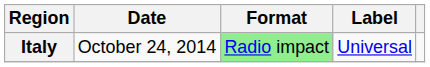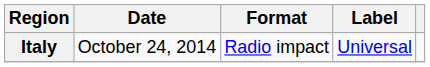 <table class="wikitable plainrowheaders">
 <tr>
 <th scope="col">Region</th>
 <th scope="col">Date</th>
 <th scope="col">Format</th>
 <th scope="col">Label</th>
 <th scope="col"></th>
 </tr>
 <tr>
 <th scope="row">Italy</th>
 <td>October 24, 2014</td>
-<td style="background: lightgreen;"><a href='#'>Radio</a> impact</td>
+<td><a href='#'>Radio</a> impact</td>
 <td><a href='#'>Universal</a></td>
 <td></td>
 </tr>
 <tr>
 </tr>
 </table>
